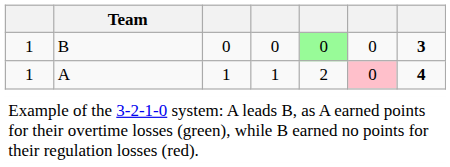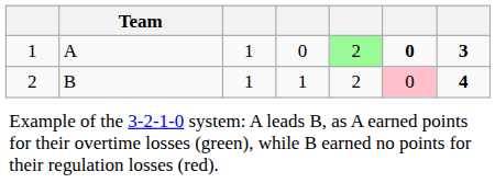 <table class="wikitable" style="float:right; border:none; width:26em; text-align:center; font-size:90%; margin:0.6em 0 1em 1.5em;">
 <tr>
 <th style="width:2.4em"></th>
 <th>Team</th>
 <th style="width:2.4em"></th>
 <th style="width:2.4em"></th>
 <th style="width:2.4em"></th>
 <th style="width:2.4em"></th>
 <th style="width:2.4em"></th>
 </tr>
 <tr>
 <td>1</td>
-<td style="text-align:left">B</td>
+<td style="text-align:left">A</td>
+<td>1</td>
 <td>0</td>
-<td>0</td>
-<td bgcolor="palegreen">0</td>
-<td>0</td>
+<td bgcolor="palegreen">2</td>
+<td><strong>0</strong></td>
 <td><strong>3</strong></td>
 </tr>
 <tr>
-<td>1</td>
-<td style="text-align:left">A</td>
+<td>2</td>
+<td style="text-align:left">B</td>
 <td>1</td>
 <td>1</td>
 <td>2</td>
 <td bgcolor="pink">0</td>
 <td><strong>4</strong></td>
 </tr>
 <tr>
 <td colspan="7" bgcolor="white" style="border:none"></td>
 </tr>
 <tr>
 <td colspan="7" bgcolor="white" style="border:none; text-align:left">Example of the <a href='#'>3-2-1-0</a> system: A leads B, as A earned points for their overtime losses (green), while B earned no points for their regulation losses (red).</td>
 </tr>
 </table>
